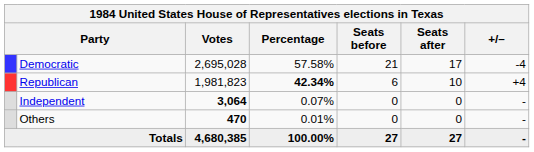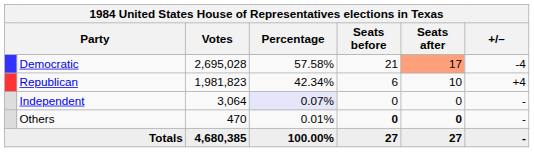 <table class="wikitable" style="font-size: 95%;">
 <tr>
 <th colspan="7">1984 United States House of Representatives elections in Texas</th>
 </tr>
 <tr>
 <th colspan="2" style="width: 15em">Party</th>
 <th style="width: 5em">Votes</th>
 <th style="width: 7em">Percentage</th>
 <th style="width: 5em">Seats before</th>
 <th style="width: 5em">Seats after</th>
 <th style="width: 5em">+/–</th>
 </tr>
 <tr>
 <th style="background-color:#3333FF; width: 3px"></th>
 <td style="width: 130px"><a href='#'>Democratic</a></td>
 <td align="right">2,695,028</td>
 <td align="right">57.58%</td>
 <td align="right">21</td>
-<td align="right">17</td>
+<td align="right" style="background: lightsalmon;">17</td>
 <td align="right">-4</td>
 </tr>
 <tr>
 <th style="background-color:#FF3333; width: 3px"></th>
 <td style="width: 130px"><a href='#'>Republican</a></td>
 <td align="right">1,981,823</td>
-<td align="right"><strong>42.34%</strong></td>
+<td align="right">42.34%</td>
 <td align="right">6</td>
 <td align="right">10</td>
 <td align="right">+4</td>
 </tr>
 <tr>
 <th style="background-color:#DDDDDD; width: 3px"></th>
 <td style="width: 130px"><a href='#'>Independent</a></td>
-<td align="right"><strong>3,064</strong></td>
-<td align="right">0.07%</td>
+<td align="right">3,064</td>
+<td align="right" style="background: lavender;">0.07%</td>
 <td align="right">0</td>
 <td align="right">0</td>
 <td align="right">-</td>
 </tr>
 <tr>
 <th style="background-color:#DDDDDD; width: 3px"></th>
 <td style="width: 130px">Others</td>
-<td align="right"><strong>470</strong></td>
+<td align="right">470</td>
 <td align="right">0.01%</td>
-<td align="right">0</td>
-<td align="right">0</td>
+<td align="right"><strong>0</strong></td>
+<td align="right"><strong>0</strong></td>
 <td align="right">-</td>
 </tr>
 <tr bgcolor="#EEEEEE">
 <td colspan="2" align="right"><strong>Totals</strong></td>
 <td align="right"><strong>4,680,385</strong></td>
 <td align="right"><strong>100.00%</strong></td>
 <td align="right"><strong>27</strong></td>
 <td align="right"><strong>27</strong></td>
 <td align="right"><strong>-</strong></td>
 </tr>
 </table>
